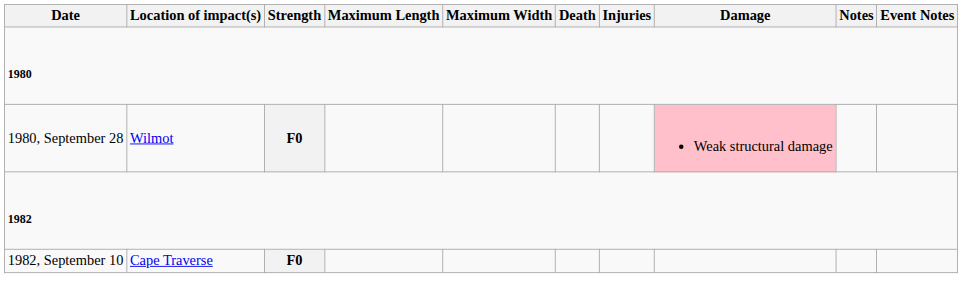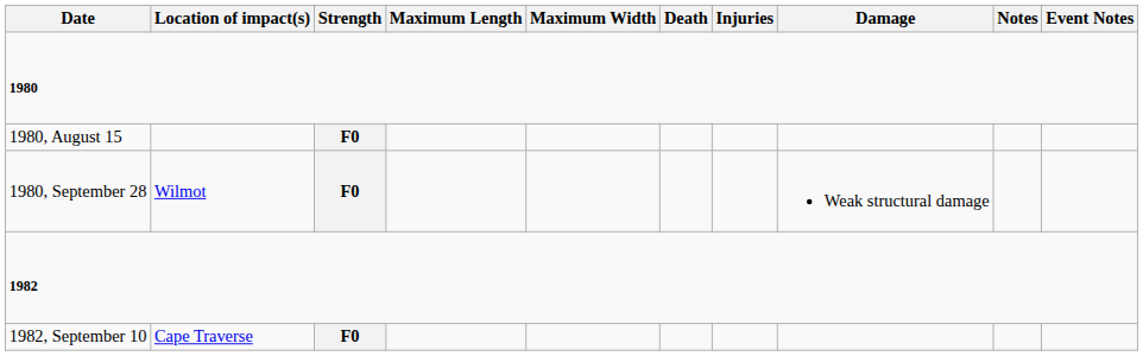 <table class="wikitable mw-collapsible">
 <tr>
 <th>Date</th>
 <th>Location of impact(s)</th>
 <th>Strength</th>
 <th>Maximum Length</th>
 <th>Maximum Width</th>
 <th>Death</th>
 <th>Injuries</th>
 <th>Damage</th>
 <th>Notes</th>
 <th>Event Notes</th>
 </tr>
 <tr>
 <td colspan="10"><br><h5>1980</h5></td>
 </tr>
 <tr>
+<td>1980, August 15</td>
+<td></td>
+<th style="background-color:#">F0</th>
+<td></td>
+<td></td>
+<td></td>
+<td></td>
+<td></td>
+<td></td>
+<td></td>
+</tr>
+<tr>
 <td>1980, September 28</td>
 <td><a href='#'>Wilmot</a></td>
 <th style="background-color:#">F0</th>
 <td></td>
 <td></td>
 <td></td>
 <td></td>
-<td style="background: pink;"><br><ul><li>Weak structural damage</li></ul></td>
+<td><br><ul><li>Weak structural damage</li></ul></td>
 <td></td>
 <td></td>
 </tr>
 <tr>
 <td colspan="10"><br><h5>1982</h5></td>
 </tr>
 <tr>
 <td>1982, September 10</td>
 <td><a href='#'>Cape Traverse</a></td>
 <th style="background-color:#">F0</th>
 <td></td>
 <td></td>
 <td></td>
 <td></td>
 <td></td>
 <td></td>
 <td></td>
 </tr>
 </table>
